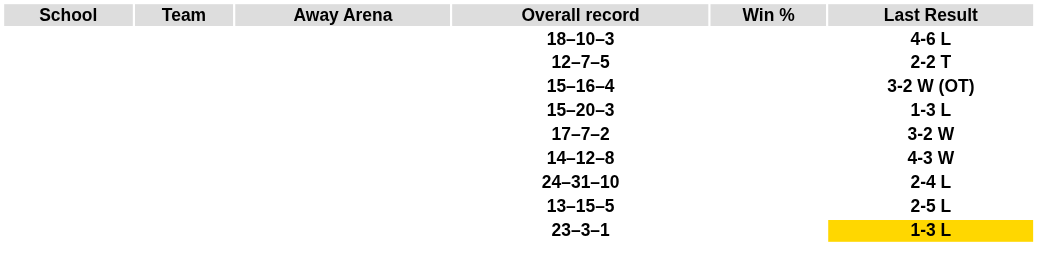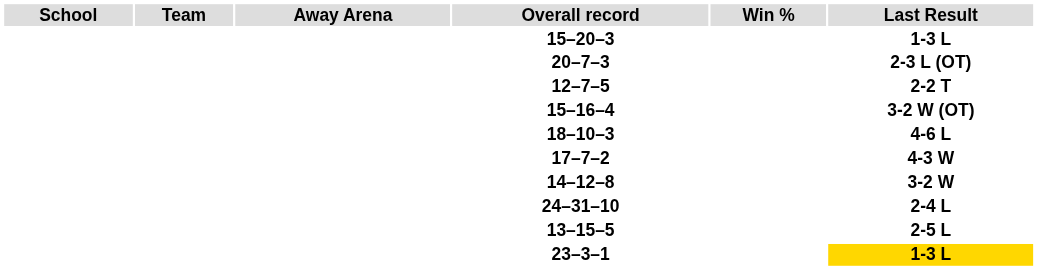 <table width="75%">
 <tr align="center"  bgcolor="#dddddd">
 <th>School</th>
 <th>Team</th>
 <th>Away Arena</th>
 <th>Overall record</th>
 <th>Win %</th>
 <th>Last Result</th>
 </tr>
 <tr align="center">
 <td><strong><a href='#'></a></strong></td>
 <td><strong><a href='#'></a></strong></td>
+<td><strong><a href='#'></a> </strong></td>
+<td><strong>15–20–3</strong></td>
+<td><strong></strong></td>
+<td><strong>1-3 L</strong></td>
+</tr>
+<tr align="center">
 <td><strong><a href='#'></a></strong></td>
-<td><strong>18–10–3</strong></td>
+<td><strong><a href='#'></a></strong></td>
+<td><strong><a href='#'></a> </strong></td>
+<td><strong>20–7–3</strong></td>
 <td><strong></strong></td>
-<td><strong>4-6 L</strong></td>
+<td><strong>2-3 L (OT)</strong></td>
 </tr>
 <tr align="center">
 <td><strong><a href='#'></a></strong></td>
 <td><strong><a href='#'></a></strong></td>
 <td><strong><a href='#'></a> </strong></td>
 <td><strong>12–7–5</strong></td>
 <td><strong></strong></td>
 <td><strong>2-2 T</strong></td>
 </tr>
 <tr align="center">
 <td><strong><a href='#'></a></strong></td>
 <td><strong><a href='#'></a></strong></td>
 <td><strong><a href='#'></a> </strong></td>
 <td><strong>15–16–4</strong></td>
 <td><strong></strong></td>
 <td><strong>3-2 W (OT)</strong></td>
 </tr>
 <tr align="center">
 <td><strong><a href='#'></a></strong></td>
 <td><strong><a href='#'></a></strong></td>
-<td><strong><a href='#'></a> </strong></td>
-<td><strong>15–20–3</strong></td>
+<td><strong><a href='#'></a></strong></td>
+<td><strong>18–10–3</strong></td>
 <td><strong></strong></td>
-<td><strong>1-3 L</strong></td>
+<td><strong>4-6 L</strong></td>
 </tr>
 <tr align="center">
 <td><strong><a href='#'></a></strong></td>
 <td><strong><a href='#'></a></strong></td>
 <td><strong><a href='#'></a></strong></td>
 <td><strong>17–7–2</strong></td>
 <td><strong></strong></td>
-<td><strong>3-2 W</strong></td>
+<td><strong>4-3 W</strong></td>
 </tr>
 <tr align="center">
 <td><strong><a href='#'></a></strong></td>
 <td><strong><a href='#'></a></strong></td>
 <td><strong><a href='#'></a></strong></td>
 <td><strong>14–12–8</strong></td>
 <td><strong></strong></td>
-<td><strong>4-3 W</strong></td>
+<td><strong>3-2 W</strong></td>
 </tr>
 <tr align="center">
 <td><strong><a href='#'></a></strong></td>
 <td><strong><a href='#'></a></strong></td>
 <td><strong><a href='#'></a></strong></td>
 <td><strong>24–31–10</strong></td>
 <td><strong></strong></td>
 <td><strong>2-4 L</strong></td>
 </tr>
 <tr align="center">
 <td><strong><a href='#'></a></strong></td>
 <td><strong><a href='#'></a></strong></td>
 <td><strong><a href='#'></a></strong></td>
 <td><strong>13–15–5</strong></td>
 <td><strong></strong></td>
 <td><strong>2-5 L</strong></td>
 </tr>
 <tr align="center">
 <td><strong><a href='#'></a></strong></td>
 <td><strong><a href='#'></a></strong></td>
 <td><strong><a href='#'></a></strong></td>
 <td><strong>23–3–1</strong></td>
 <td><strong></strong></td>
 <td style="background: gold;"><strong>1-3 L</strong></td>
 </tr>
 </table>
